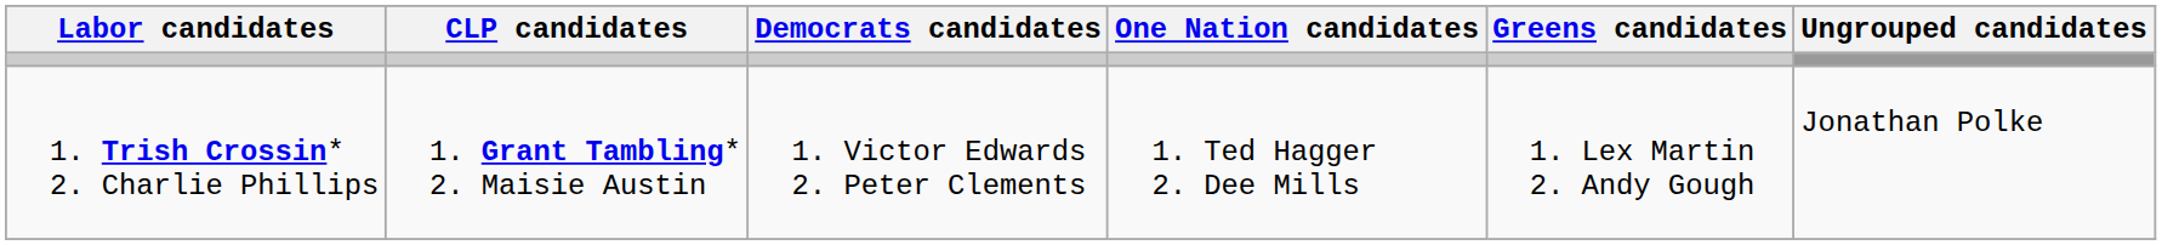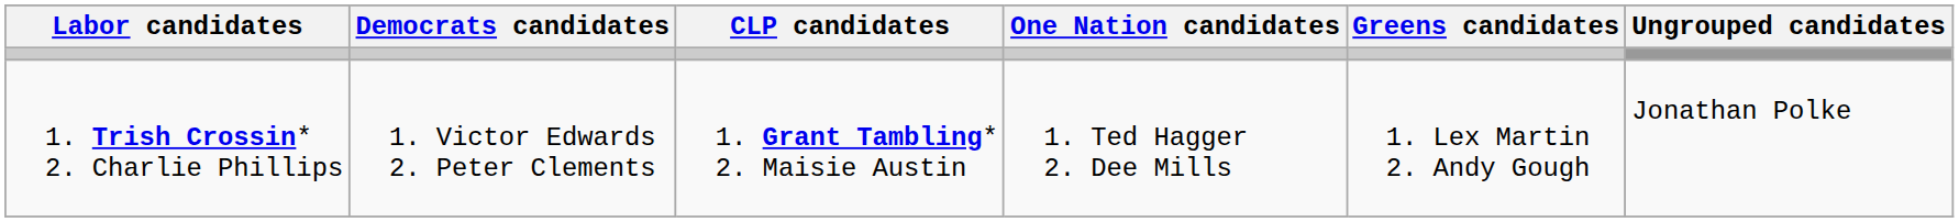 <table class="wikitable">
 <tr>
 <th><a href='#'>Labor</a> candidates</th>
+<th><a href='#'>Democrats</a> candidates</th>
 <th><a href='#'>CLP</a> candidates</th>
-<th><a href='#'>Democrats</a> candidates</th>
 <th><a href='#'>One Nation</a> candidates</th>
 <th><a href='#'>Greens</a> candidates</th>
 <th>Ungrouped candidates</th>
 </tr>
 <tr bgcolor="#cccccc">
 <td></td>
 <td></td>
 <td></td>
 <td></td>
 <td></td>
 <td bgcolor="#999999"></td>
 </tr>
 <tr>
 <td><br><ol><li><strong><a href='#'>Trish Crossin</a></strong>*</li><li>Charlie Phillips</li></ol></td>
+<td valign=top><br><ol><li>Victor Edwards</li><li>Peter Clements</li></ol></td>
 <td><br><ol><li><strong><a href='#'>Grant Tambling</a></strong>*</li><li>Maisie Austin</li></ol></td>
-<td valign=top><br><ol><li>Victor Edwards</li><li>Peter Clements</li></ol></td>
 <td valign=top><br><ol><li>Ted Hagger</li><li>Dee Mills</li></ol></td>
 <td valign=top><br><ol><li>Lex Martin</li><li>Andy Gough</li></ol></td>
 <td valign=top><br>Jonathan Polke</td>
 </tr>
 </table>
